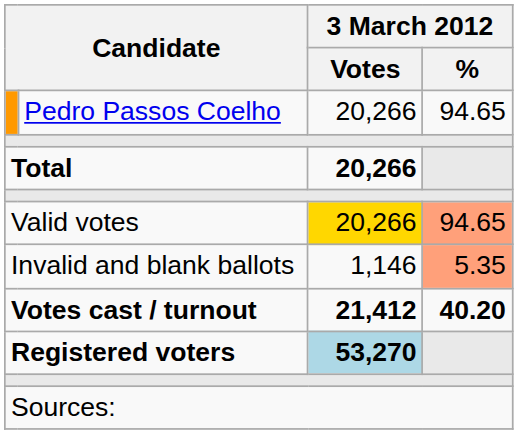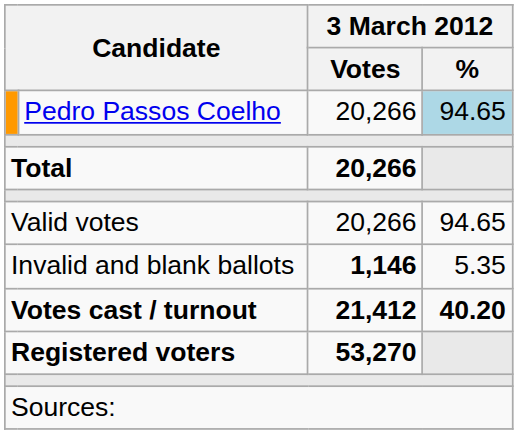 <table class="wikitable" style="text-align:right; font-size:97%;">
 <tr>
 <th rowspan="2" colspan="2" width="170">Candidate</th>
 <th colspan="2">3 March 2012</th>
 </tr>
 <tr>
 <th width="60">Votes</th>
 <th width="45">%</th>
 </tr>
 <tr>
 <td style="color:inherit;background:#FF9900"></td>
 <td align="left"><a href='#'>Pedro Passos Coelho</a></td>
 <td>20,266</td>
-<td>94.65</td>
+<td style="background: lightblue;">94.65</td>
 </tr>
 <tr>
 <td colspan="4" bgcolor="#E9E9E9"></td>
 </tr>
 <tr style="font-weight:bold;">
 <td align="left" colspan="2">Total</td>
 <td>20,266</td>
 <td bgcolor="#E9E9E9"></td>
 </tr>
 <tr>
 <td colspan="4" bgcolor="#E9E9E9"></td>
 </tr>
 <tr>
 <td align="left" colspan="2">Valid votes</td>
-<td style="background: gold;">20,266</td>
-<td style="background: lightsalmon;">94.65</td>
+<td>20,266</td>
+<td>94.65</td>
 </tr>
 <tr>
 <td align="left" colspan="2">Invalid and blank ballots</td>
-<td>1,146</td>
-<td style="background: lightsalmon;">5.35</td>
+<td><strong>1,146</strong></td>
+<td>5.35</td>
 </tr>
 <tr style="font-weight:bold;">
 <td align="left" colspan="2">Votes cast / turnout</td>
 <td>21,412</td>
 <td>40.20</td>
 </tr>
 <tr style="font-weight:bold;">
 <td align="left" colspan="2">Registered voters</td>
-<td style="background: lightblue;">53,270</td>
+<td>53,270</td>
 <td bgcolor="#E9E9E9"></td>
 </tr>
 <tr>
 <td colspan="4" bgcolor="#E9E9E9"></td>
 </tr>
 <tr>
 <td align="left" colspan="6">Sources: </td>
 </tr>
 </table>
